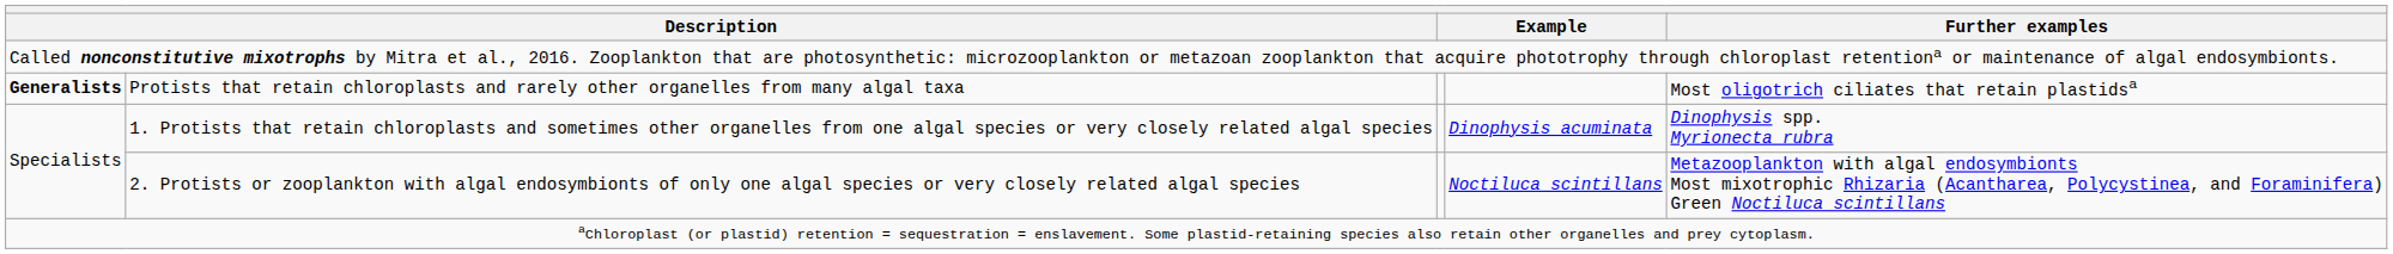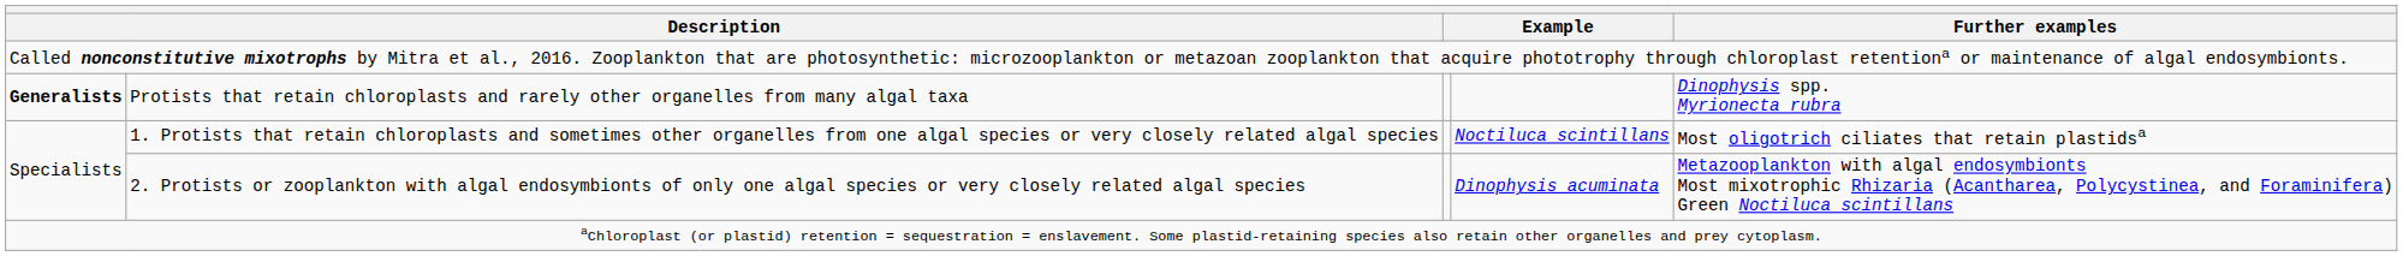 <table class="wikitable">
 <tr>
 <th colspan=7></th>
 </tr>
 <tr>
 <th colspan=2>Description</th>
 <th colspan=2>Example</th>
 <th>Further examples</th>
 </tr>
 <tr>
 <td colspan=5>Called <strong><em>nonconstitutive mixotrophs</em></strong> by Mitra et al., 2016. Zooplankton that are photosynthetic: microzooplankton or metazoan zooplankton that acquire phototrophy through chloroplast retention<sup>a</sup> or maintenance of algal endosymbionts.</td>
 </tr>
 <tr>
 <td><strong>Generalists</strong></td>
 <td>Protists that retain chloroplasts and rarely other organelles from many algal taxa</td>
 <td></td>
 <td></td>
-<td>Most <a href='#'>oligotrich</a> ciliates that retain plastids<sup>a</sup></td>
+<td><em><a href='#'>Dinophysis</a></em> spp.<br><em><a href='#'>Myrionecta rubra</a></em></td>
 </tr>
 <tr>
 <td rowspan=2>Specialists</td>
 <td>1. Protists that retain chloroplasts and sometimes other organelles from one algal species or very closely related algal species</td>
 <td></td>
-<td><em><a href='#'>Dinophysis acuminata</a></em></td>
-<td><em><a href='#'>Dinophysis</a></em> spp.<br><em><a href='#'>Myrionecta rubra</a></em></td>
+<td><em><a href='#'>Noctiluca scintillans</a></em></td>
+<td>Most <a href='#'>oligotrich</a> ciliates that retain plastids<sup>a</sup></td>
 </tr>
 <tr>
 <td>2. Protists or zooplankton with algal endosymbionts of only one algal species or very closely related algal species</td>
 <td></td>
-<td><em><a href='#'>Noctiluca scintillans</a></em></td>
+<td><em><a href='#'>Dinophysis acuminata</a></em></td>
 <td><a href='#'>Metazooplankton</a> with algal <a href='#'>endosymbionts</a><br>Most mixotrophic <a href='#'>Rhizaria</a> (<a href='#'>Acantharea</a>, <a href='#'>Polycystinea</a>, and <a href='#'>Foraminifera</a>)<br>Green <em><a href='#'>Noctiluca scintillans</a></em></td>
 </tr>
 <tr>
 <td colspan=7 style="text-align:center;"><small><sup>a</sup>Chloroplast (or plastid) retention = sequestration = enslavement. Some plastid-retaining species also retain other organelles and prey cytoplasm.</small></td>
 </tr>
 </table>
